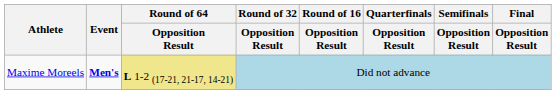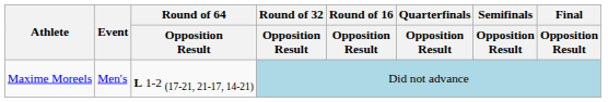 <table class="wikitable" style="font-size:90%">
 <tr>
 <th rowspan=2>Athlete</th>
 <th rowspan=2>Event</th>
 <th>Round of 64</th>
 <th>Round of 32</th>
 <th>Round of 16</th>
 <th>Quarterfinals</th>
 <th>Semifinals</th>
 <th>Final</th>
 </tr>
 <tr>
 <th>Opposition<br>Result</th>
 <th>Opposition<br>Result</th>
 <th>Opposition<br>Result</th>
 <th>Opposition<br>Result</th>
 <th>Opposition<br>Result</th>
 <th>Opposition<br>Result</th>
 </tr>
 <tr>
 <td><a href='#'>Maxime Moreels</a></td>
-<td><strong><a href='#'>Men's</a></strong></td>
-<td align=center style="background: khaki;"><br><strong>L</strong> 1-2 <sub>(17-21, 21-17, 14-21)</sub></td>
+<td><a href='#'>Men's</a></td>
+<td align=center><br><strong>L</strong> 1-2 <sub>(17-21, 21-17, 14-21)</sub></td>
 <td colspan=5 bgcolor=lightblue align=center>Did not advance</td>
 </tr>
 </table>
